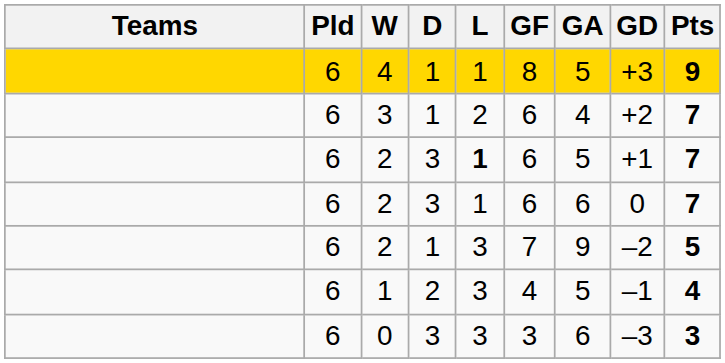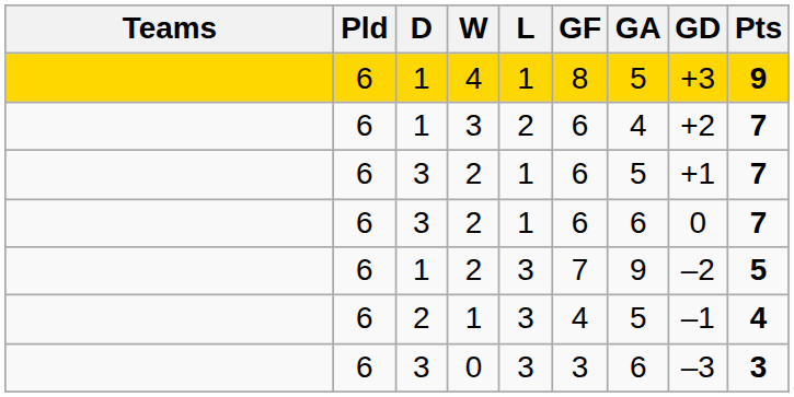 <table class="wikitable" style="text-align: center;">
 <tr>
 <th width=165>Teams</th>
 <th width=20>Pld</th>
+<th width=20>D</th>
 <th width=20>W</th>
-<th width=20>D</th>
 <th width=20>L</th>
 <th width=20>GF</th>
 <th width=20>GA</th>
 <th width=20>GD</th>
 <th width=20>Pts</th>
 </tr>
 <tr align=center style="background:gold">
 <td style="text-align:left;"></td>
 <td>6</td>
+<td>1</td>
 <td>4</td>
-<td>1</td>
 <td>1</td>
 <td>8</td>
 <td>5</td>
 <td>+3</td>
 <td><strong>9</strong></td>
 </tr>
 <tr align=center>
 <td style="text-align:left;"></td>
 <td>6</td>
+<td>1</td>
 <td>3</td>
-<td>1</td>
 <td>2</td>
 <td>6</td>
 <td>4</td>
 <td>+2</td>
 <td><strong>7</strong></td>
 </tr>
 <tr align=center>
 <td style="text-align:left;"></td>
 <td>6</td>
+<td>3</td>
 <td>2</td>
-<td>3</td>
-<td><strong>1</strong></td>
+<td>1</td>
 <td>6</td>
 <td>5</td>
 <td>+1</td>
 <td><strong>7</strong></td>
 </tr>
 <tr align=center>
 <td style="text-align:left;"></td>
 <td>6</td>
+<td>3</td>
 <td>2</td>
-<td>3</td>
 <td>1</td>
 <td>6</td>
 <td>6</td>
 <td>0</td>
 <td><strong>7</strong></td>
 </tr>
 <tr align=center>
 <td style="text-align:left;"></td>
 <td>6</td>
+<td>1</td>
 <td>2</td>
-<td>1</td>
 <td>3</td>
 <td>7</td>
 <td>9</td>
 <td>–2</td>
 <td><strong>5</strong></td>
 </tr>
 <tr align=center>
 <td style="text-align:left;"></td>
 <td>6</td>
+<td>2</td>
 <td>1</td>
-<td>2</td>
 <td>3</td>
 <td>4</td>
 <td>5</td>
 <td>–1</td>
 <td><strong>4</strong></td>
 </tr>
 <tr align=center>
 <td style="text-align:left;"></td>
 <td>6</td>
+<td>3</td>
 <td>0</td>
-<td>3</td>
 <td>3</td>
 <td>3</td>
 <td>6</td>
 <td>–3</td>
 <td><strong>3</strong></td>
 </tr>
 </table>
